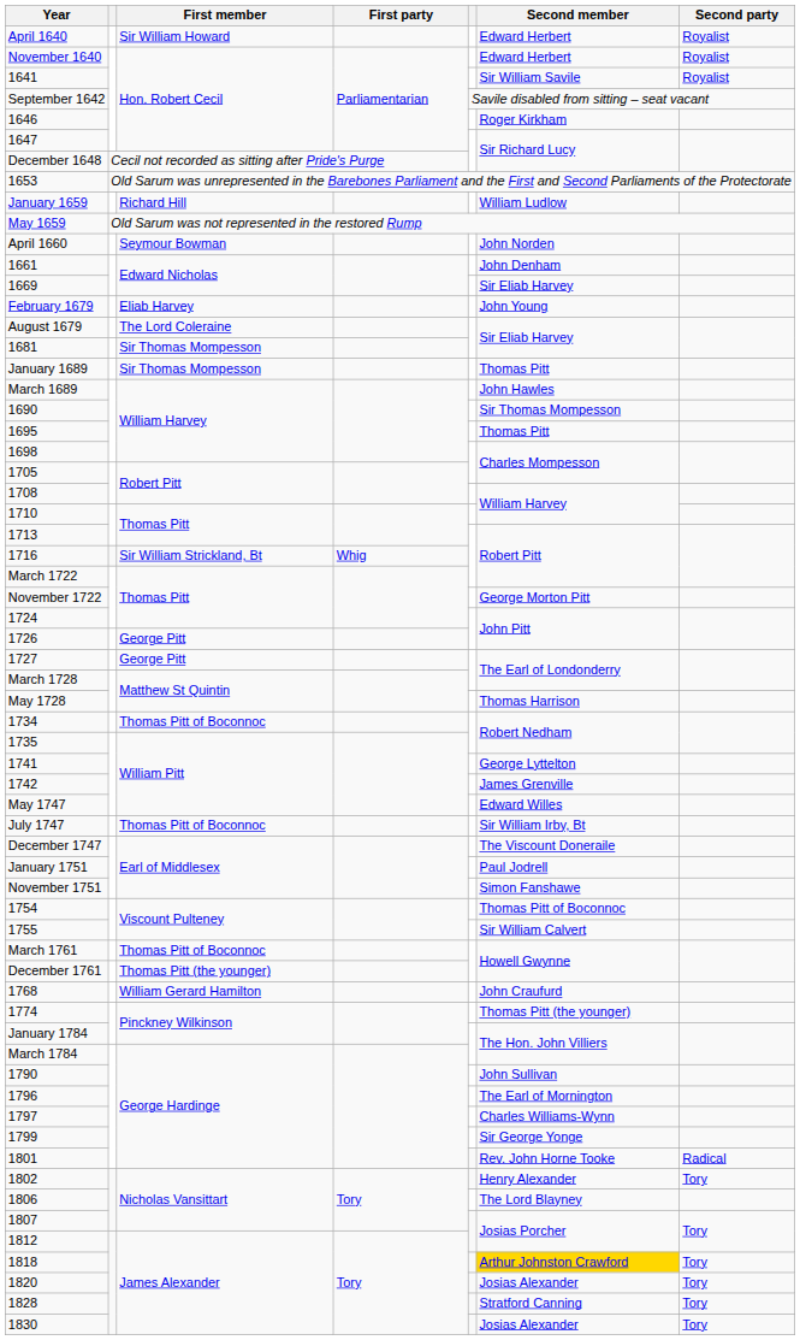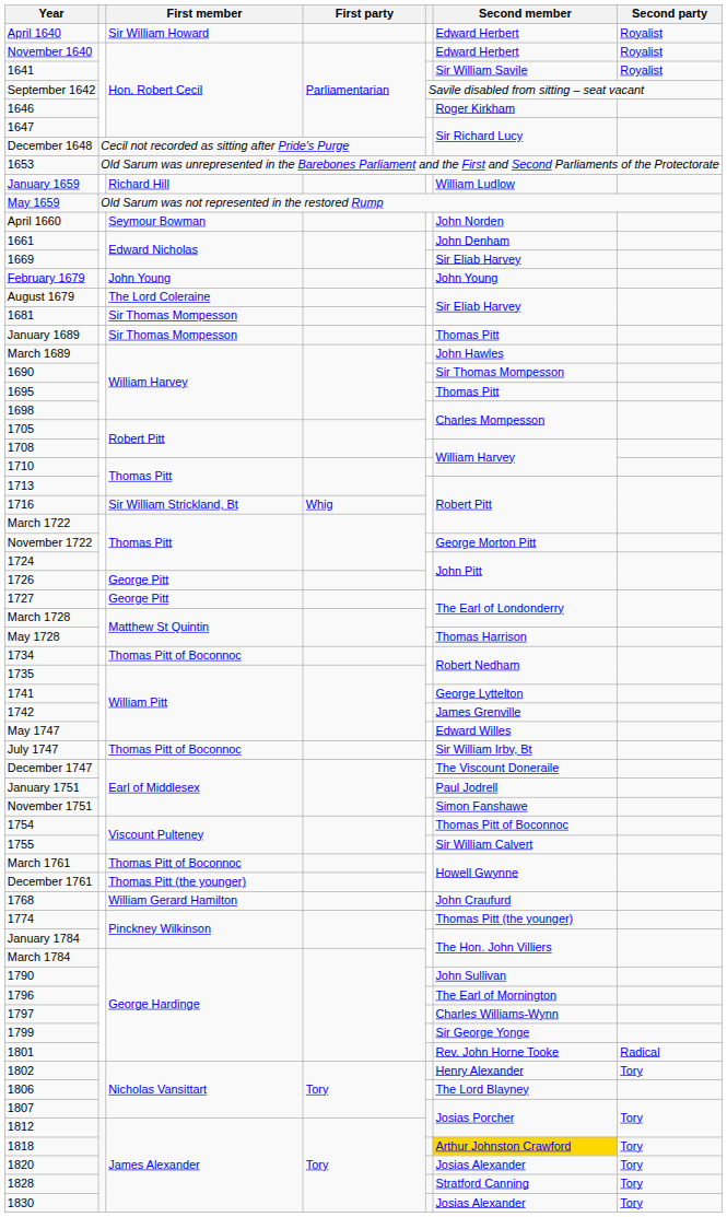 <table class="wikitable">
 <tr>
 <th>Year</th>
 <th></th>
 <th>First member</th>
 <th>First party</th>
 <th></th>
 <th>Second member</th>
 <th>Second party</th>
 </tr>
 <tr>
 <td><a href='#'>April 1640</a></td>
 <td style="color:inherit;background-color: white"></td>
 <td><a href='#'>Sir William Howard</a></td>
 <td></td>
 <td style="color:inherit;background-color: white"></td>
 <td><a href='#'>Edward Herbert</a></td>
 <td><a href='#'>Royalist</a></td>
 </tr>
 <tr>
 <td><a href='#'>November 1640</a></td>
 <td rowspan="5" style="color:inherit;background-color: white"></td>
 <td rowspan="5"><a href='#'>Hon. Robert Cecil</a></td>
 <td rowspan="5"><a href='#'>Parliamentarian</a></td>
 <td style="color:inherit;background-color: white"></td>
 <td><a href='#'>Edward Herbert</a></td>
 <td><a href='#'>Royalist</a></td>
 </tr>
 <tr>
 <td>1641</td>
 <td style="color:inherit;background-color: white"></td>
 <td><a href='#'>Sir William Savile</a></td>
 <td><a href='#'>Royalist</a></td>
 </tr>
 <tr>
 <td>September 1642</td>
 <td colspan="3"><em>Savile disabled from sitting – seat vacant</em></td>
 </tr>
 <tr>
 <td>1646</td>
 <td style="color:inherit;background-color: white"></td>
 <td><a href='#'>Roger Kirkham</a></td>
 <td></td>
 </tr>
 <tr>
 <td>1647</td>
 <td rowspan="2" style="color:inherit;background-color: white"></td>
 <td rowspan="2"><a href='#'>Sir Richard Lucy</a></td>
 <td rowspan="2"></td>
 </tr>
 <tr>
 <td>December 1648</td>
 <td colspan="3"><em>Cecil not recorded as sitting after <a href='#'>Pride's Purge</a></em></td>
 </tr>
 <tr>
 <td>1653</td>
 <td colspan="6"><em>Old Sarum was unrepresented in the <a href='#'>Barebones Parliament</a> and the <a href='#'>First</a> and <a href='#'>Second</a> Parliaments of the Protectorate</em></td>
 </tr>
 <tr>
 <td><a href='#'>January 1659</a></td>
 <td style="color:inherit;background-color: white"></td>
 <td><a href='#'>Richard Hill</a></td>
 <td></td>
 <td style="color:inherit;background-color: white"></td>
 <td><a href='#'>William Ludlow</a></td>
 <td></td>
 </tr>
 <tr>
 <td><a href='#'>May 1659</a></td>
 <td colspan="6"><em>Old Sarum was not represented in the restored <a href='#'>Rump</a></em></td>
 </tr>
 <tr>
 <td>April 1660</td>
 <td style="color:inherit;background-color: white"></td>
 <td><a href='#'>Seymour Bowman</a></td>
 <td></td>
 <td style="color:inherit;background-color: white"></td>
 <td><a href='#'>John Norden</a></td>
 <td></td>
 </tr>
 <tr>
 <td>1661</td>
 <td rowspan="2" style="color:inherit;background-color: white"></td>
 <td rowspan="2"><a href='#'>Edward Nicholas</a></td>
 <td rowspan="2"></td>
 <td style="color:inherit;background-color: white"></td>
 <td><a href='#'>John Denham</a></td>
 <td></td>
 </tr>
 <tr>
 <td>1669</td>
 <td style="color:inherit;background-color: white"></td>
 <td><a href='#'>Sir Eliab Harvey</a></td>
 <td></td>
 </tr>
 <tr>
 <td><a href='#'>February 1679</a></td>
 <td style="color:inherit;background-color: white"></td>
-<td><a href='#'>Eliab Harvey</a></td>
+<td><a href='#'>John Young</a></td>
 <td></td>
 <td style="color:inherit;background-color: white"></td>
 <td><a href='#'>John Young</a></td>
 <td></td>
 </tr>
 <tr>
 <td>August 1679</td>
 <td style="color:inherit;background-color: white"></td>
 <td><a href='#'>The Lord Coleraine</a></td>
 <td></td>
 <td rowspan="2" style="color:inherit;background-color: white"></td>
 <td rowspan="2"><a href='#'>Sir Eliab Harvey</a></td>
 <td rowspan="2"></td>
 </tr>
 <tr>
 <td>1681</td>
 <td style="color:inherit;background-color: white"></td>
 <td><a href='#'>Sir Thomas Mompesson</a></td>
 <td></td>
 </tr>
 <tr>
 <td>January 1689</td>
 <td style="color:inherit;background-color: white"></td>
 <td><a href='#'>Sir Thomas Mompesson</a></td>
 <td></td>
 <td style="color:inherit;background-color: white"></td>
 <td><a href='#'>Thomas Pitt</a></td>
 <td></td>
 </tr>
 <tr>
 <td>March 1689</td>
 <td rowspan="4" style="color:inherit;background-color: white"></td>
 <td rowspan="4"><a href='#'>William Harvey</a></td>
 <td rowspan="4"></td>
 <td style="color:inherit;background-color: white"></td>
 <td><a href='#'>John Hawles</a></td>
 <td></td>
 </tr>
 <tr>
 <td>1690</td>
 <td style="color:inherit;background-color: white"></td>
 <td><a href='#'>Sir Thomas Mompesson</a></td>
 <td></td>
 </tr>
 <tr>
 <td>1695</td>
 <td style="color:inherit;background-color: white"></td>
 <td><a href='#'>Thomas Pitt</a></td>
 <td></td>
 </tr>
 <tr>
 <td>1698</td>
 <td rowspan="2" style="color:inherit;background-color: white"></td>
 <td rowspan="2"><a href='#'>Charles Mompesson</a></td>
 <td rowspan="2"></td>
 </tr>
 <tr>
 <td>1705</td>
 <td rowspan="2" style="color:inherit;background-color: white"></td>
 <td rowspan="2"><a href='#'>Robert Pitt</a></td>
 <td rowspan="2"></td>
 </tr>
 <tr>
 <td>1708</td>
 <td style="color:inherit;background-color: white"></td>
 <td rowspan="2"><a href='#'>William Harvey</a></td>
 <td></td>
 </tr>
 <tr>
 <td>1710</td>
 <td rowspan="2" style="color:inherit;background-color: white"></td>
 <td rowspan="2"><a href='#'>Thomas Pitt</a></td>
 <td rowspan="2"></td>
 <td style="color:inherit;background-color: white"></td>
 <td></td>
 </tr>
 <tr>
 <td>1713</td>
 <td rowspan="3" style="color:inherit;background-color: white"></td>
 <td rowspan="3"><a href='#'>Robert Pitt</a></td>
 <td rowspan="3"></td>
 </tr>
 <tr>
 <td>1716</td>
 <td style="color:inherit;background-color: "></td>
 <td><a href='#'>Sir William Strickland, Bt</a></td>
 <td><a href='#'>Whig</a></td>
 </tr>
 <tr>
 <td>March 1722</td>
 <td rowspan="3" style="color:inherit;background-color: white"></td>
 <td rowspan="3"><a href='#'>Thomas Pitt</a></td>
 <td rowspan="3"></td>
 </tr>
 <tr>
 <td>November 1722</td>
 <td style="color:inherit;background-color: white"></td>
 <td><a href='#'>George Morton Pitt</a></td>
 <td></td>
 </tr>
 <tr>
 <td>1724</td>
 <td rowspan="2" style="color:inherit;background-color: white"></td>
 <td rowspan="2"><a href='#'>John Pitt</a></td>
 <td rowspan="2"></td>
 </tr>
 <tr>
 <td>1726</td>
 <td style="color:inherit;background-color: white"></td>
 <td><a href='#'>George Pitt</a></td>
 <td></td>
 </tr>
 <tr>
 <td>1727</td>
 <td style="color:inherit;background-color: white"></td>
 <td><a href='#'>George Pitt</a></td>
 <td></td>
 <td rowspan="2" style="color:inherit;background-color: white"></td>
 <td rowspan="2"><a href='#'>The Earl of Londonderry</a></td>
 <td rowspan="2"></td>
 </tr>
 <tr>
 <td>March 1728</td>
 <td rowspan="2" style="color:inherit;background-color: white"></td>
 <td rowspan="2"><a href='#'>Matthew St Quintin</a></td>
 <td rowspan="2"></td>
 </tr>
 <tr>
 <td>May 1728</td>
 <td style="color:inherit;background-color: white"></td>
 <td><a href='#'>Thomas Harrison</a></td>
 <td></td>
 </tr>
 <tr>
 <td>1734</td>
 <td style="color:inherit;background-color: white"></td>
 <td><a href='#'>Thomas Pitt of Boconnoc</a></td>
 <td></td>
 <td rowspan="2" style="color:inherit;background-color: white"></td>
 <td rowspan="2"><a href='#'>Robert Nedham</a></td>
 <td rowspan="2"></td>
 </tr>
 <tr>
 <td>1735</td>
 <td rowspan="4" style="color:inherit;background-color: white"></td>
 <td rowspan="4"><a href='#'>William Pitt</a></td>
 <td rowspan="4"></td>
 </tr>
 <tr>
 <td>1741</td>
 <td style="color:inherit;background-color: white"></td>
 <td><a href='#'>George Lyttelton</a></td>
 <td></td>
 </tr>
 <tr>
 <td>1742</td>
 <td style="color:inherit;background-color: white"></td>
 <td><a href='#'>James Grenville</a></td>
 <td></td>
 </tr>
 <tr>
 <td>May 1747</td>
 <td style="color:inherit;background-color: white"></td>
 <td><a href='#'>Edward Willes</a></td>
 <td></td>
 </tr>
 <tr>
 <td>July 1747</td>
 <td style="color:inherit;background-color: white"></td>
 <td><a href='#'>Thomas Pitt of Boconnoc</a></td>
 <td></td>
 <td style="color:inherit;background-color: white"></td>
 <td><a href='#'>Sir William Irby, Bt</a></td>
 <td></td>
 </tr>
 <tr>
 <td>December 1747</td>
 <td rowspan="3" style="color:inherit;background-color: white"></td>
 <td rowspan="3"><a href='#'>Earl of Middlesex</a></td>
 <td rowspan="3"></td>
 <td style="color:inherit;background-color: white"></td>
 <td><a href='#'>The Viscount Doneraile</a></td>
 <td></td>
 </tr>
 <tr>
 <td>January 1751</td>
 <td style="color:inherit;background-color: white"></td>
 <td><a href='#'>Paul Jodrell</a></td>
 <td></td>
 </tr>
 <tr>
 <td>November 1751</td>
 <td style="color:inherit;background-color: white"></td>
 <td><a href='#'>Simon Fanshawe</a></td>
 <td></td>
 </tr>
 <tr>
 <td>1754</td>
 <td rowspan="2" style="color:inherit;background-color: white"></td>
 <td rowspan="2"><a href='#'>Viscount Pulteney</a></td>
 <td rowspan="2"></td>
 <td style="color:inherit;background-color: white"></td>
 <td><a href='#'>Thomas Pitt of Boconnoc</a></td>
 <td></td>
 </tr>
 <tr>
 <td>1755</td>
 <td style="color:inherit;background-color: white"></td>
 <td><a href='#'>Sir William Calvert</a></td>
 <td></td>
 </tr>
 <tr>
 <td>March 1761</td>
 <td style="color:inherit;background-color: white"></td>
 <td><a href='#'>Thomas Pitt of Boconnoc</a></td>
 <td></td>
 <td rowspan="2" style="color:inherit;background-color: white"></td>
 <td rowspan="2"><a href='#'>Howell Gwynne</a></td>
 <td rowspan="2"></td>
 </tr>
 <tr>
 <td>December 1761</td>
 <td style="color:inherit;background-color: white"></td>
 <td><a href='#'>Thomas Pitt (the younger)</a></td>
 <td></td>
 </tr>
 <tr>
 <td>1768</td>
 <td style="color:inherit;background-color: white"></td>
 <td><a href='#'>William Gerard Hamilton</a></td>
 <td></td>
 <td style="color:inherit;background-color: white"></td>
 <td><a href='#'>John Craufurd</a></td>
 <td></td>
 </tr>
 <tr>
 <td>1774</td>
 <td rowspan="2" style="color:inherit;background-color: white"></td>
 <td rowspan="2"><a href='#'>Pinckney Wilkinson</a></td>
 <td rowspan="2"></td>
 <td style="color:inherit;background-color: white"></td>
 <td><a href='#'>Thomas Pitt (the younger)</a></td>
 <td></td>
 </tr>
 <tr>
 <td>January 1784</td>
 <td rowspan="2" style="color:inherit;background-color: white"></td>
 <td rowspan="2"><a href='#'>The Hon. John Villiers</a></td>
 <td rowspan="2"></td>
 </tr>
 <tr>
 <td>March 1784</td>
 <td rowspan="6" style="color:inherit;background-color: white"></td>
 <td rowspan="6"><a href='#'>George Hardinge</a></td>
 <td rowspan="6"></td>
 </tr>
 <tr>
 <td>1790</td>
 <td style="color:inherit;background-color: white"></td>
 <td><a href='#'>John Sullivan</a></td>
 <td></td>
 </tr>
 <tr>
 <td>1796</td>
 <td style="color:inherit;background-color: white"></td>
 <td><a href='#'>The Earl of Mornington</a></td>
 <td></td>
 </tr>
 <tr>
 <td>1797</td>
 <td style="color:inherit;background-color: white"></td>
 <td><a href='#'>Charles Williams-Wynn</a></td>
 <td></td>
 </tr>
 <tr>
 <td>1799</td>
 <td style="color:inherit;background-color: white"></td>
 <td><a href='#'>Sir George Yonge</a></td>
 <td></td>
 </tr>
 <tr>
 <td>1801</td>
 <td style="color:inherit;background-color: "></td>
 <td><a href='#'>Rev. John Horne Tooke</a></td>
 <td><a href='#'>Radical</a></td>
 </tr>
 <tr>
 <td>1802</td>
 <td rowspan="3" style="color:inherit;background-color: "></td>
 <td rowspan="3"><a href='#'>Nicholas Vansittart</a></td>
 <td rowspan="3"><a href='#'>Tory</a></td>
 <td style="color:inherit;background-color: "></td>
 <td><a href='#'>Henry Alexander</a></td>
 <td><a href='#'>Tory</a></td>
 </tr>
 <tr>
 <td>1806</td>
 <td style="color:inherit;background-color: white"></td>
 <td><a href='#'>The Lord Blayney</a></td>
 <td></td>
 </tr>
 <tr>
 <td>1807</td>
 <td rowspan="2" style="color:inherit;background-color: "></td>
 <td rowspan="2"><a href='#'>Josias Porcher</a></td>
 <td rowspan="2"><a href='#'>Tory</a></td>
 </tr>
 <tr>
 <td>1812</td>
 <td rowspan="5" style="color:inherit;background-color: "></td>
 <td rowspan="5"><a href='#'>James Alexander</a></td>
 <td rowspan="5"><a href='#'>Tory</a></td>
 </tr>
 <tr>
 <td>1818</td>
 <td style="color:inherit;background-color: "></td>
 <td style="background: gold;"><a href='#'>Arthur Johnston Crawford</a></td>
 <td><a href='#'>Tory</a></td>
 </tr>
 <tr>
 <td>1820</td>
 <td style="color:inherit;background-color: "></td>
 <td><a href='#'>Josias Alexander</a></td>
 <td><a href='#'>Tory</a></td>
 </tr>
 <tr>
 <td>1828</td>
 <td style="color:inherit;background-color: "></td>
 <td><a href='#'>Stratford Canning</a></td>
 <td><a href='#'>Tory</a></td>
 </tr>
 <tr>
 <td>1830</td>
 <td style="color:inherit;background-color: "></td>
 <td><a href='#'>Josias Alexander</a></td>
 <td><a href='#'>Tory</a></td>
 </tr>
 </table>
